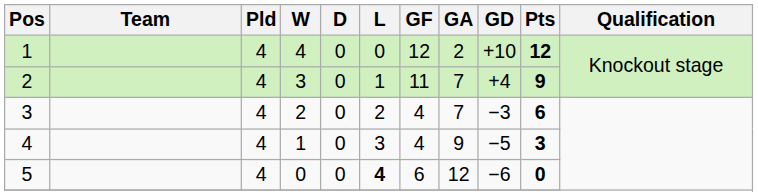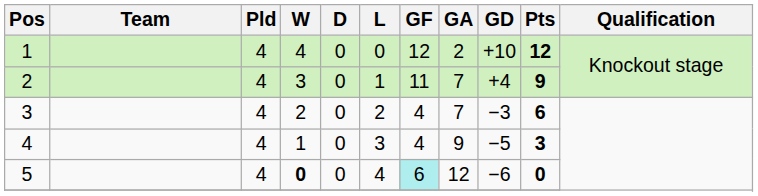 <table class="wikitable" border="1" style="text-align: center;">
 <tr>
 <th width="25"><abbr>Pos</abbr></th>
 <th width="150">Team</th>
 <th width="25"><abbr>Pld</abbr></th>
 <th width="25"><abbr>W</abbr></th>
 <th width="25"><abbr>D</abbr></th>
 <th width="25"><abbr>L</abbr></th>
 <th width="25"><abbr>GF</abbr></th>
 <th width="25"><abbr>GA</abbr></th>
 <th width="25"><abbr>GD</abbr></th>
 <th width="25"><abbr>Pts</abbr></th>
 <th width="150">Qualification</th>
 </tr>
 <tr bgcolor= #D0F0C0>
 <td>1</td>
 <td align="left"></td>
 <td>4</td>
 <td>4</td>
 <td>0</td>
 <td>0</td>
 <td>12</td>
 <td>2</td>
 <td>+10</td>
 <td><strong>12</strong></td>
 <td rowspan=2>Knockout stage</td>
 </tr>
 <tr bgcolor= #D0F0C0>
 <td>2</td>
 <td align="left"></td>
 <td>4</td>
 <td>3</td>
 <td>0</td>
 <td>1</td>
 <td>11</td>
 <td>7</td>
 <td>+4</td>
 <td><strong>9</strong></td>
 </tr>
 <tr>
 <td>3</td>
 <td align="left"></td>
 <td>4</td>
 <td>2</td>
 <td>0</td>
 <td>2</td>
 <td>4</td>
 <td>7</td>
 <td>−3</td>
 <td><strong>6</strong></td>
 </tr>
 <tr>
 <td>4</td>
 <td align="left"></td>
 <td>4</td>
 <td>1</td>
 <td>0</td>
 <td>3</td>
 <td>4</td>
 <td>9</td>
 <td>−5</td>
 <td><strong>3</strong></td>
 </tr>
 <tr>
 <td>5</td>
 <td align="left"></td>
 <td>4</td>
+<td><strong>0</strong></td>
 <td>0</td>
-<td>0</td>
-<td><strong>4</strong></td>
-<td>6</td>
+<td>4</td>
+<td style="background: paleturquoise;">6</td>
 <td>12</td>
 <td>−6</td>
 <td><strong>0</strong></td>
 </tr>
 <tr>
 </tr>
 </table>
